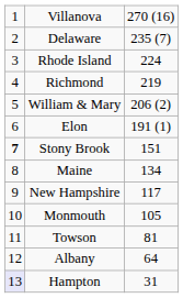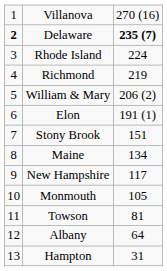 <table class="wikitable" style="display: inline-table;">
 <tr align="center">
 <td>1</td>
 <td>Villanova</td>
 <td>270 (16)</td>
 </tr>
 <tr align="center">
-<td>2</td>
+<td><strong>2</strong></td>
 <td>Delaware</td>
-<td>235 (7)</td>
+<td><strong>235 (7)</strong></td>
 </tr>
 <tr align="center">
 <td>3</td>
 <td>Rhode Island</td>
 <td>224</td>
 </tr>
 <tr align="center">
 <td>4</td>
 <td>Richmond</td>
 <td>219</td>
 </tr>
 <tr align="center">
 <td>5</td>
 <td>William & Mary</td>
 <td>206 (2)</td>
 </tr>
 <tr align="center">
 <td>6</td>
 <td>Elon</td>
 <td>191 (1)</td>
 </tr>
 <tr align="center">
-<td><strong>7</strong></td>
+<td>7</td>
 <td>Stony Brook</td>
 <td>151</td>
 </tr>
 <tr align="center">
 <td>8</td>
 <td>Maine</td>
 <td>134</td>
 </tr>
 <tr align="center">
 <td>9</td>
 <td>New Hampshire</td>
 <td>117</td>
 </tr>
 <tr align="center">
 <td>10</td>
 <td>Monmouth</td>
 <td>105</td>
 </tr>
 <tr align="center">
 <td>11</td>
 <td>Towson</td>
 <td>81</td>
 </tr>
 <tr align="center">
 <td>12</td>
 <td>Albany</td>
 <td>64</td>
 </tr>
 <tr align="center">
-<td style="background: lavender;">13</td>
+<td>13</td>
 <td>Hampton</td>
 <td>31</td>
 </tr>
 </table>
